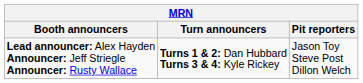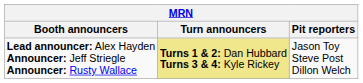 <table class="wikitable" style="font-size: 95%">
 <tr>
 <th colspan="3"><a href='#'>MRN</a></th>
 </tr>
 <tr>
 <th>Booth announcers</th>
 <th>Turn announcers</th>
 <th>Pit reporters</th>
 </tr>
 <tr>
 <td><strong>Lead announcer:</strong> Alex Hayden<br><strong>Announcer:</strong> Jeff Striegle<br><strong>Announcer:</strong> <a href='#'>Rusty Wallace</a></td>
-<td><strong>Turns 1 & 2:</strong> Dan Hubbard<br><strong>Turns 3 & 4:</strong> Kyle Rickey</td>
+<td style="background: khaki;"><strong>Turns 1 & 2:</strong> Dan Hubbard<br><strong>Turns 3 & 4:</strong> Kyle Rickey</td>
 <td>Jason Toy<br>Steve Post<br>Dillon Welch</td>
 </tr>
 </table>
